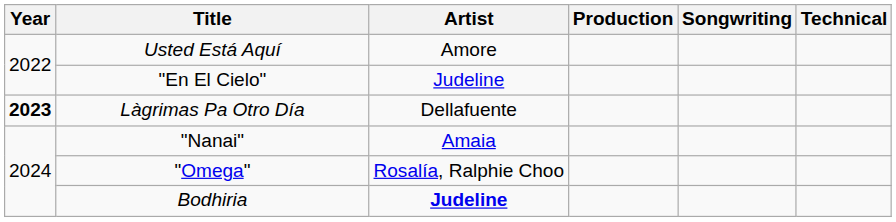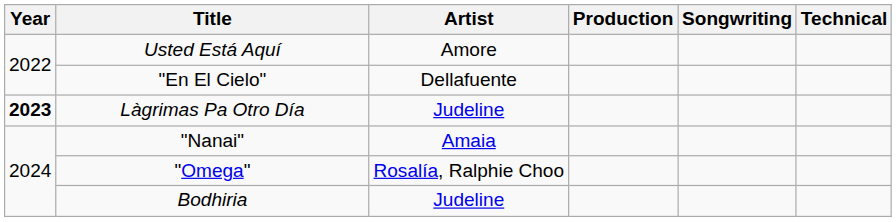 <table style="text-align:center;" class="wikitable plainrowheaders">
 <tr>
 <th scope="col">Year</th>
 <th scope="col" style="width:16em;">Title</th>
 <th scope="col">Artist</th>
 <th scope="col">Production</th>
 <th scope="col">Songwriting</th>
 <th scope="col">Technical</th>
 </tr>
 <tr>
 <td rowspan="2">2022</td>
 <td><em>Usted Está Aquí</em></td>
 <td>Amore</td>
 <td></td>
 <td></td>
 <td></td>
 </tr>
 <tr>
 <td>"En El Cielo"</td>
-<td><a href='#'>Judeline</a></td>
+<td>Dellafuente</td>
 <td></td>
 <td></td>
 <td></td>
 </tr>
 <tr>
 <td rowspan="1"><strong>2023</strong></td>
 <td><em>Làgrimas Pa Otro Día</em></td>
-<td>Dellafuente</td>
+<td><a href='#'>Judeline</a></td>
 <td></td>
 <td></td>
 <td></td>
 </tr>
 <tr>
 <td rowspan="3">2024</td>
 <td>"Nanai"</td>
 <td><a href='#'>Amaia</a></td>
 <td></td>
 <td></td>
 <td></td>
 </tr>
 <tr>
 <td>"<a href='#'>Omega</a>"</td>
 <td><a href='#'>Rosalía</a>, Ralphie Choo</td>
 <td></td>
 <td></td>
 <td></td>
 </tr>
 <tr>
 <td><em>Bodhiria</em></td>
-<td><strong><a href='#'>Judeline</a></strong></td>
+<td><a href='#'>Judeline</a></td>
 <td></td>
 <td></td>
 </tr>
 </table>
